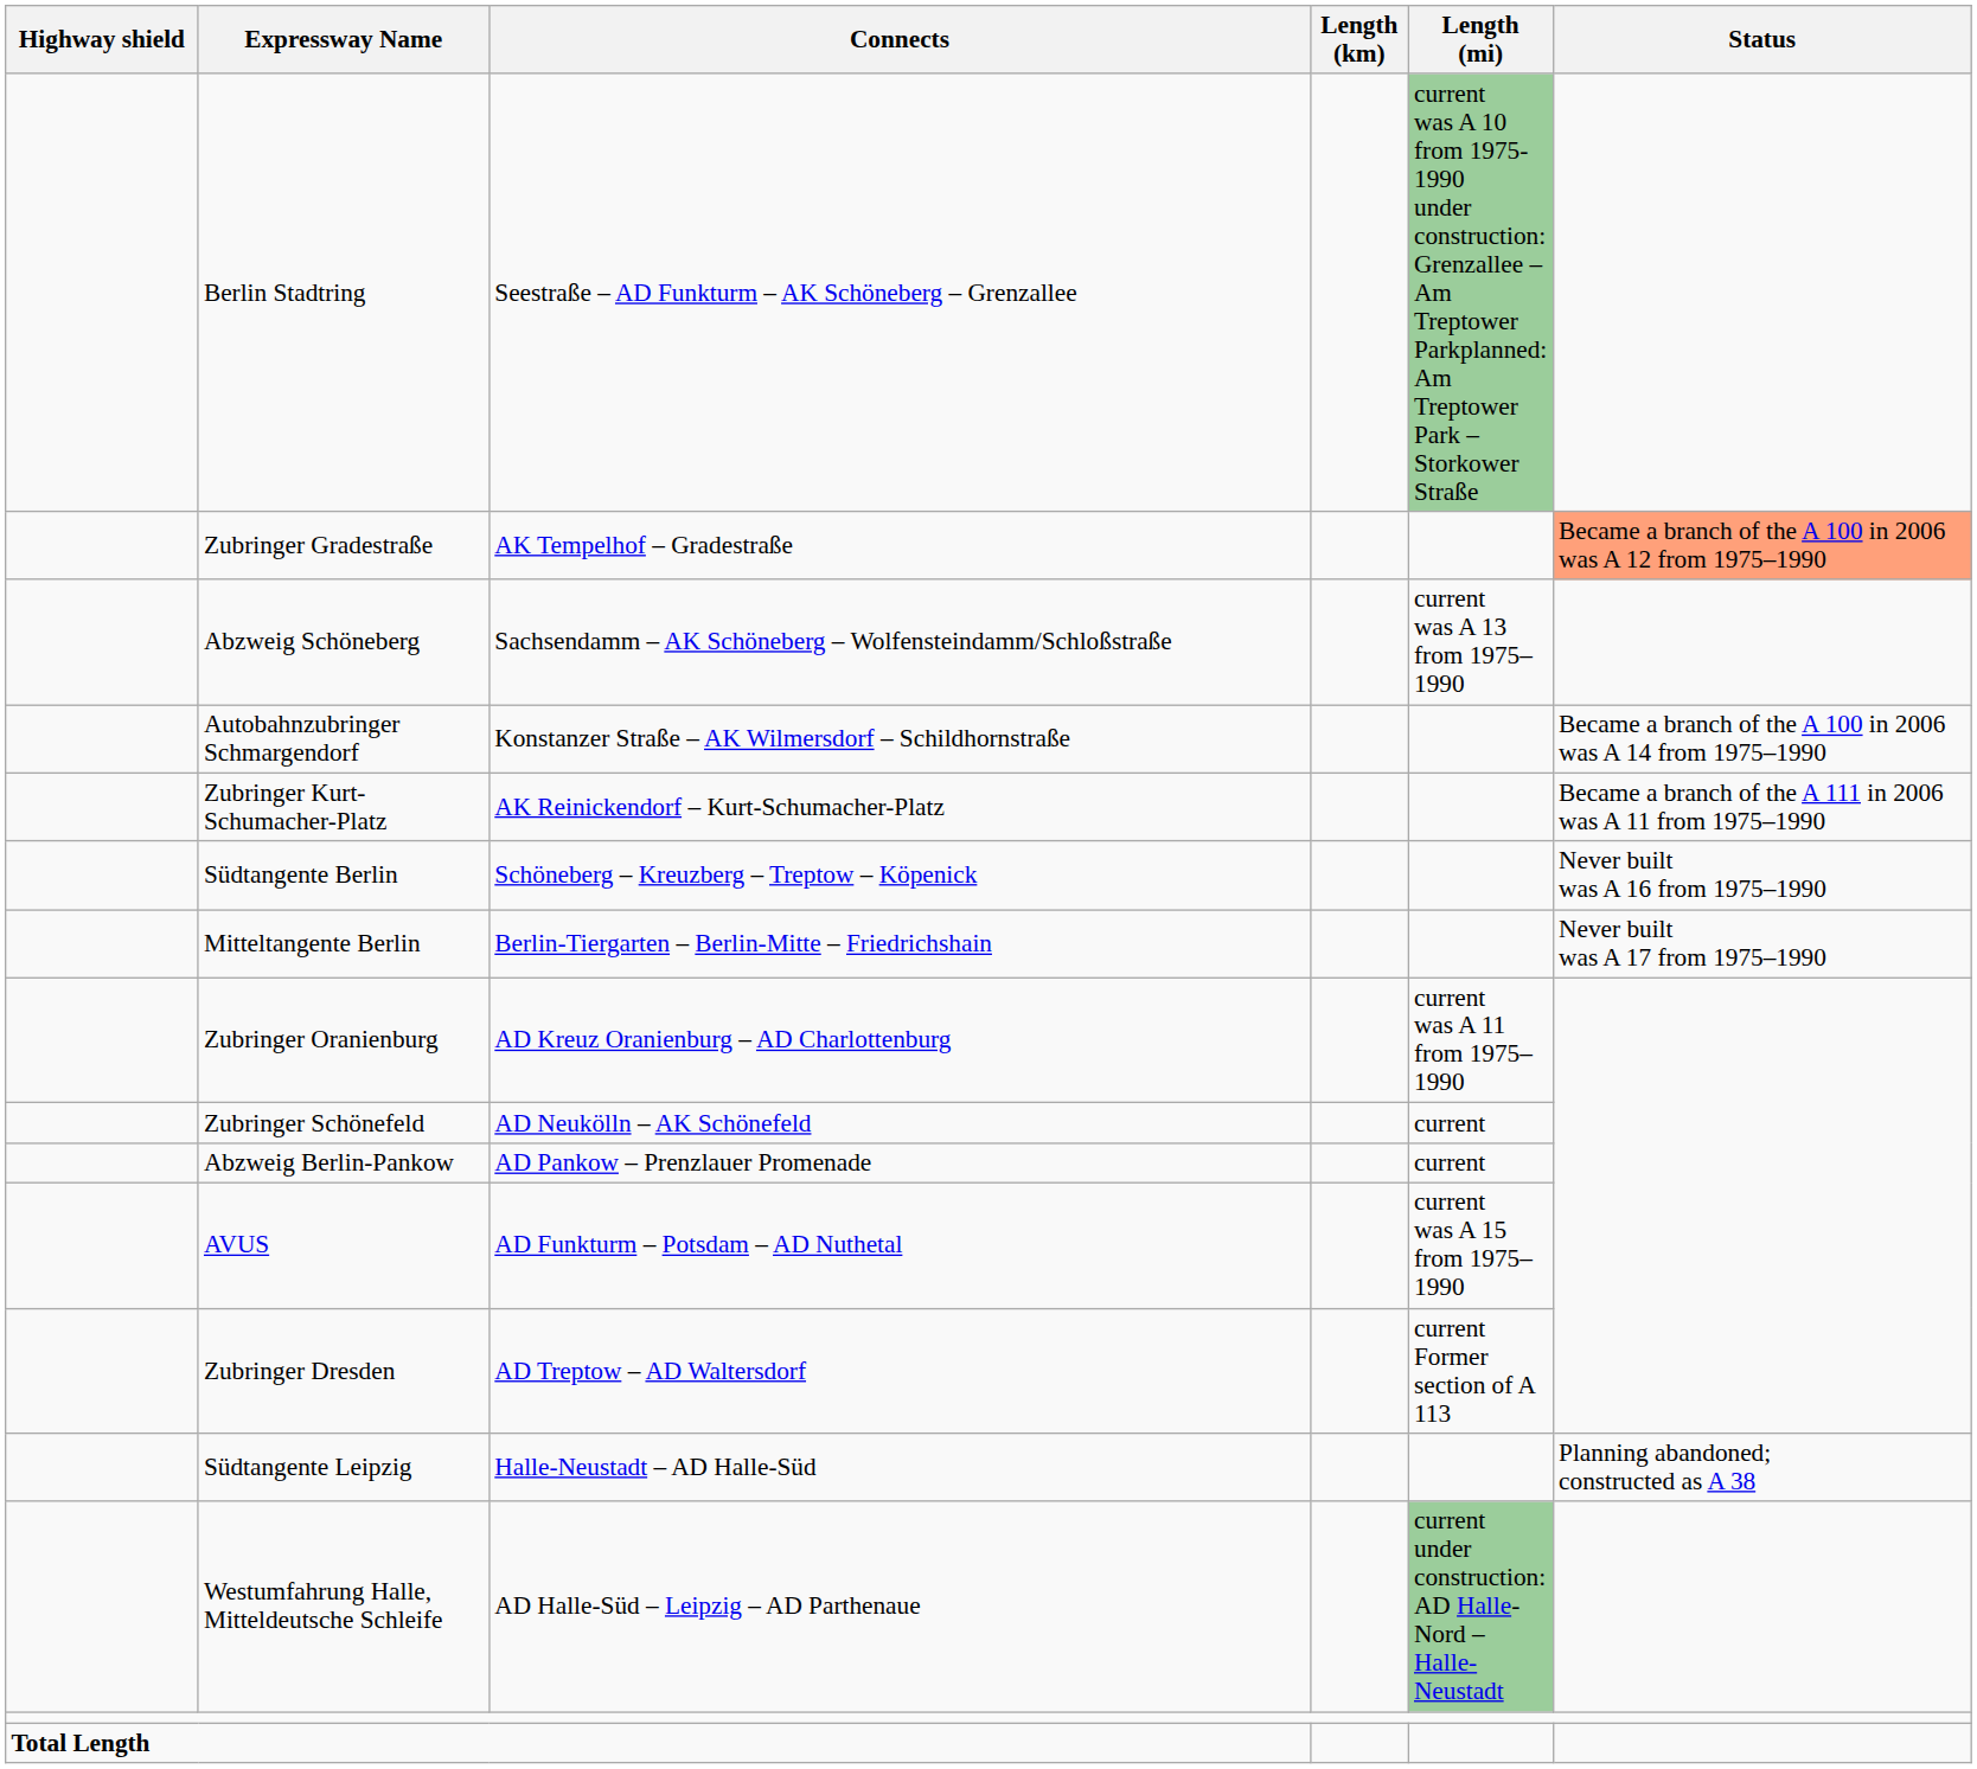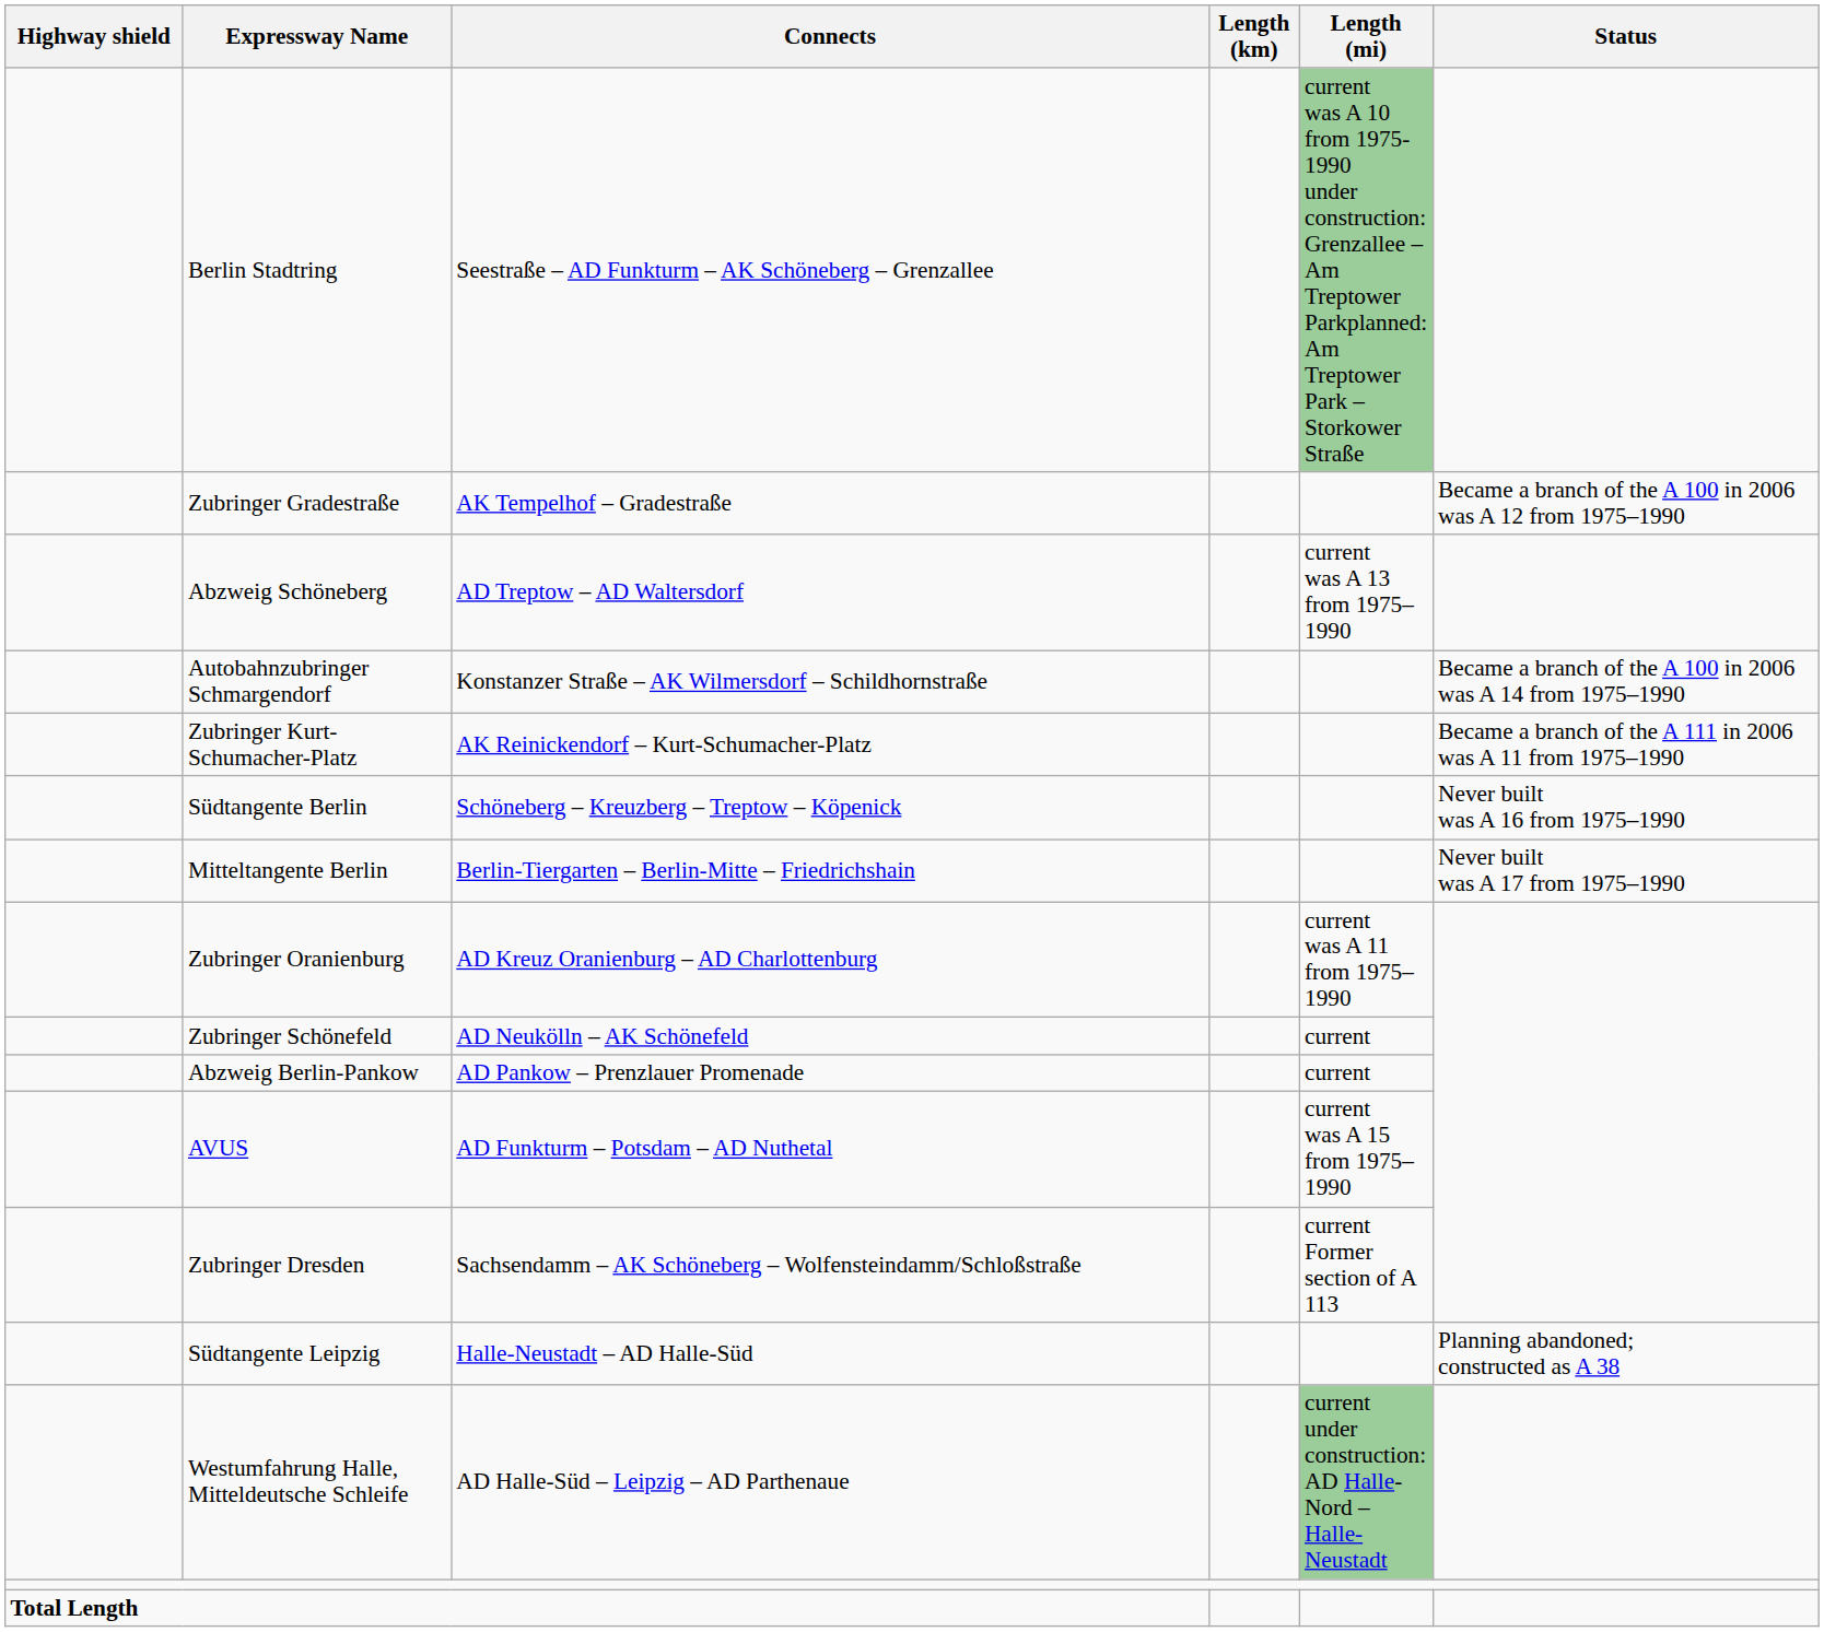 <table class="wikitable">
 <tr>
 <th style="width:10%;">Highway shield</th>
 <th style="width:15%;">Expressway Name</th>
 <th style="width:43%;">Connects</th>
 <th style="width:5%;">Length<br>(km)</th>
 <th style="width:5%;">Length<br>(mi)</th>
 <th style="width:25%;">Status<br></th>
 </tr>
 <tr>
 <td></td>
 <td>Berlin Stadtring</td>
 <td>Seestraße – <a href='#'>AD Funkturm</a> – <a href='#'>AK Schöneberg</a> – Grenzallee</td>
 <td></td>
 <td style="background-color:#9BCD9B">current<br>was A 10 from 1975-1990<br>under construction: Grenzallee – Am Treptower Parkplanned: Am Treptower Park – Storkower Straße </td>
 </tr>
 <tr>
 <td></td>
 <td>Zubringer Gradestraße</td>
 <td><a href='#'>AK Tempelhof</a> – Gradestraße</td>
 <td></td>
 <td></td>
-<td style="background: lightsalmon;">Became a branch of the <a href='#'>A 100</a> in 2006<br>was A 12 from 1975–1990<br></td>
+<td>Became a branch of the <a href='#'>A 100</a> in 2006<br>was A 12 from 1975–1990<br></td>
 </tr>
 <tr>
 <td></td>
 <td>Abzweig Schöneberg</td>
-<td>Sachsendamm – <a href='#'>AK Schöneberg</a> – Wolfensteindamm/Schloßstraße</td>
+<td><a href='#'>AD Treptow</a> – <a href='#'>AD Waltersdorf</a></td>
 <td></td>
 <td>current<br>was A 13 from 1975–1990<br></td>
 </tr>
 <tr>
 <td></td>
 <td>Autobahnzubringer Schmargendorf</td>
 <td>Konstanzer Straße – <a href='#'>AK Wilmersdorf</a> – Schildhornstraße</td>
 <td></td>
 <td></td>
 <td>Became a branch of the <a href='#'>A 100</a> in 2006<br>was A 14 from 1975–1990<br></td>
 </tr>
 <tr>
 <td></td>
 <td>Zubringer Kurt-Schumacher-Platz</td>
 <td><a href='#'>AK Reinickendorf</a> – Kurt-Schumacher-Platz</td>
 <td></td>
 <td></td>
 <td>Became a branch of the <a href='#'>A 111</a> in 2006<br>was A 11 from 1975–1990<br></td>
 </tr>
 <tr>
 <td></td>
 <td>Südtangente Berlin</td>
 <td><a href='#'>Schöneberg</a> – <a href='#'>Kreuzberg</a> – <a href='#'>Treptow</a> – <a href='#'>Köpenick</a></td>
 <td></td>
 <td></td>
 <td>Never built<br>was A 16 from 1975–1990<br></td>
 </tr>
 <tr>
 <td></td>
 <td>Mitteltangente Berlin</td>
 <td><a href='#'>Berlin-Tiergarten</a> – <a href='#'>Berlin-Mitte</a> – <a href='#'>Friedrichshain</a></td>
 <td></td>
 <td></td>
 <td>Never built<br>was A 17 from 1975–1990<br></td>
 </tr>
 <tr>
 <td></td>
 <td>Zubringer Oranienburg</td>
 <td><a href='#'>AD Kreuz Oranienburg</a> – <a href='#'>AD Charlottenburg</a></td>
 <td></td>
 <td>current<br>was A 11 from 1975–1990<br></td>
 </tr>
 <tr>
 <td></td>
 <td>Zubringer Schönefeld</td>
 <td><a href='#'>AD Neukölln</a> – <a href='#'>AK Schönefeld</a></td>
 <td></td>
 <td>current<br></td>
 </tr>
 <tr>
 <td></td>
 <td>Abzweig Berlin-Pankow</td>
 <td><a href='#'>AD Pankow</a> – Prenzlauer Promenade</td>
 <td></td>
 <td>current<br></td>
 </tr>
 <tr>
 <td></td>
 <td><a href='#'>AVUS</a></td>
 <td><a href='#'>AD Funkturm</a> – <a href='#'>Potsdam</a> – <a href='#'>AD Nuthetal</a></td>
 <td></td>
 <td>current<br>was A 15 from 1975–1990<br></td>
 </tr>
 <tr>
 <td></td>
 <td>Zubringer Dresden</td>
-<td><a href='#'>AD Treptow</a> – <a href='#'>AD Waltersdorf</a></td>
+<td>Sachsendamm – <a href='#'>AK Schöneberg</a> – Wolfensteindamm/Schloßstraße</td>
 <td></td>
 <td>current<br>Former section of A 113<br></td>
 </tr>
 <tr>
 <td></td>
 <td>Südtangente Leipzig</td>
 <td><a href='#'>Halle-Neustadt</a> – AD Halle-Süd</td>
 <td></td>
 <td></td>
 <td>Planning abandoned;<br>constructed as <a href='#'>A 38</a><br></td>
 </tr>
 <tr>
 <td></td>
 <td>Westumfahrung Halle, Mitteldeutsche Schleife</td>
 <td>AD Halle-Süd – <a href='#'>Leipzig</a> – AD Parthenaue</td>
 <td></td>
 <td style="background-color:#9BCD9B">current<br>under construction: AD <a href='#'>Halle</a>-Nord – <a href='#'>Halle-Neustadt</a> </td>
 </tr>
 <tr>
 <td colspan="6"></td>
 </tr>
 <tr style="font-weight:bold;">
 <td colspan="3">Total Length</td>
 <td></td>
 <td colspan="1"></td>
 </tr>
 </table>
